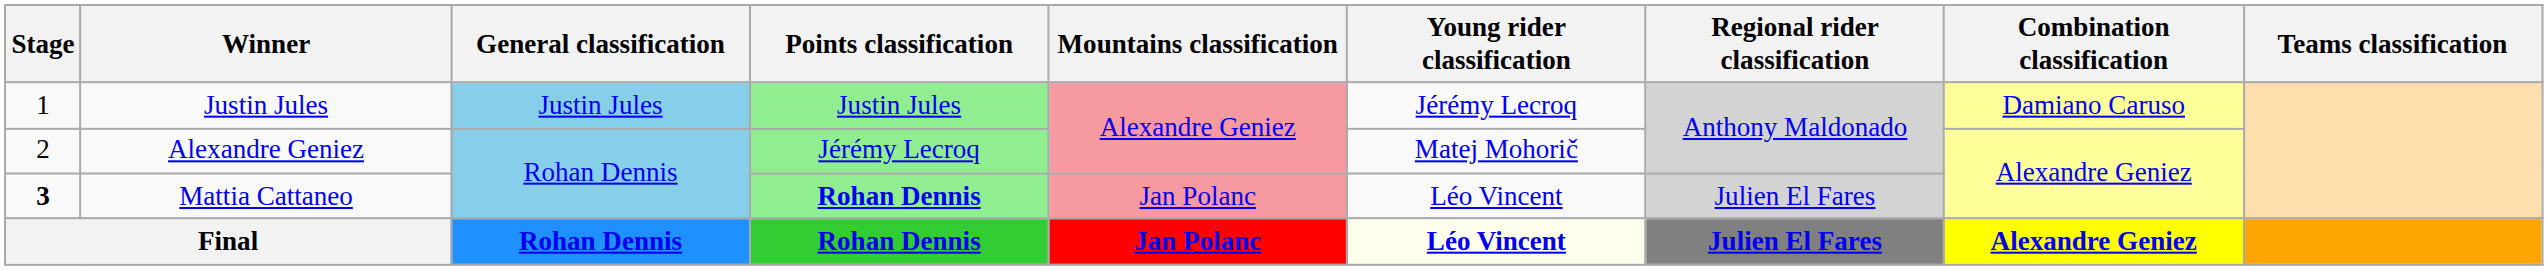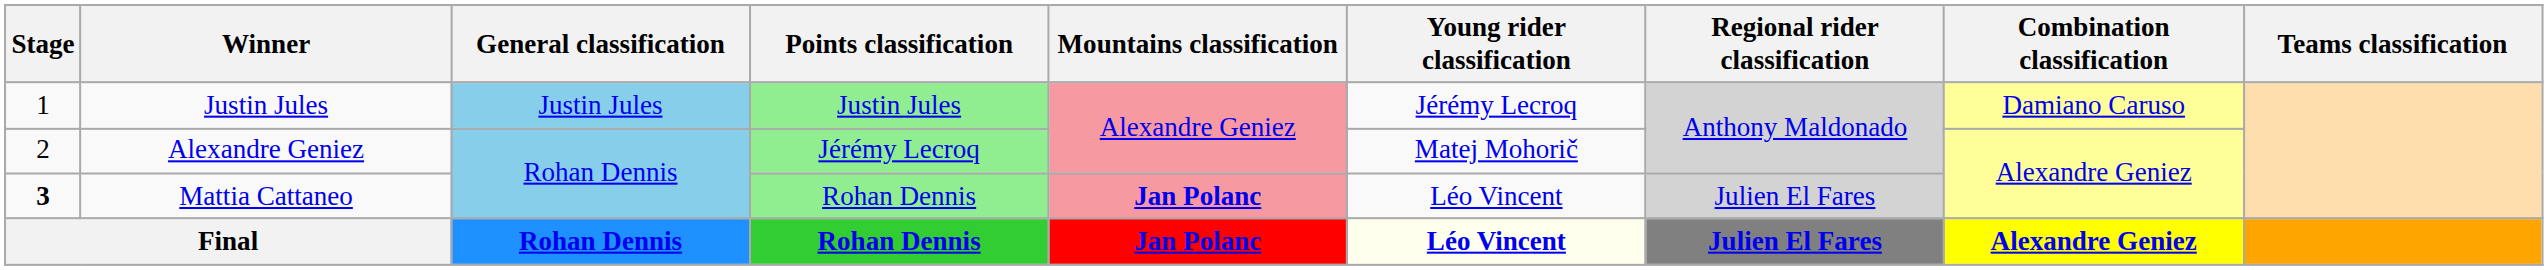 <table class="wikitable" style="text-align: center; font-size:smaller;">
 <tr>
 <th width="1%">Stage</th>
 <th width="15%">Winner</th>
 <th width="12%">General classification<br></th>
 <th width="12%">Points classification<br></th>
 <th width="12%">Mountains classification<br></th>
 <th width="12%">Young rider classification<br></th>
 <th width="12%">Regional rider classification<br></th>
 <th width="12%">Combination classification<br></th>
 <th width="12%">Teams classification<br></th>
 </tr>
 <tr>
 <td>1</td>
 <td><a href='#'>Justin Jules</a></td>
 <td style="background:skyblue;"><a href='#'>Justin Jules</a></td>
 <td style="background:lightgreen;"><a href='#'>Justin Jules</a></td>
 <td style="background:#F799A0;" rowspan=2><a href='#'>Alexandre Geniez</a></td>
 <td style="background:offwhite;"><a href='#'>Jérémy Lecroq</a></td>
 <td style="background:#D3D3D3;" rowspan=2><a href='#'>Anthony Maldonado</a></td>
 <td style="background:#FFFF99;"><a href='#'>Damiano Caruso</a></td>
 <td style="background:navajowhite;" rowspan=3></td>
 </tr>
 <tr>
 <td>2</td>
 <td><a href='#'>Alexandre Geniez</a></td>
 <td style="background:skyblue;" rowspan=2><a href='#'>Rohan Dennis</a></td>
 <td style="background:lightgreen;"><a href='#'>Jérémy Lecroq</a></td>
 <td style="background:offwhite;"><a href='#'>Matej Mohorič</a></td>
 <td style="background:#FFFF99;" rowspan=2><a href='#'>Alexandre Geniez</a></td>
 </tr>
 <tr>
 <td><strong>3</strong></td>
 <td><a href='#'>Mattia Cattaneo</a></td>
-<td style="background:lightgreen;"><strong><a href='#'>Rohan Dennis</a></strong></td>
-<td style="background:#F799A0;"><a href='#'>Jan Polanc</a></td>
+<td style="background:lightgreen;"><a href='#'>Rohan Dennis</a></td>
+<td style="background:#F799A0;"><strong><a href='#'>Jan Polanc</a></strong></td>
 <td style="background:offwhite;"><a href='#'>Léo Vincent</a></td>
 <td style="background:#D3D3D3;"><a href='#'>Julien El Fares</a></td>
 </tr>
 <tr>
 <th colspan=2>Final</th>
 <th style="background:dodgerblue;"><a href='#'>Rohan Dennis</a></th>
 <th style="background:limegreen;"><a href='#'>Rohan Dennis</a></th>
 <th style="background-color:red;"><a href='#'>Jan Polanc</a></th>
 <th style="background:#FFFFEE;"><a href='#'>Léo Vincent</a></th>
 <th style="background:grey;"><a href='#'>Julien El Fares</a></th>
 <th style="background:yellow;"><a href='#'>Alexandre Geniez</a></th>
 <th style="background:Orange"></th>
 </tr>
 </table>
